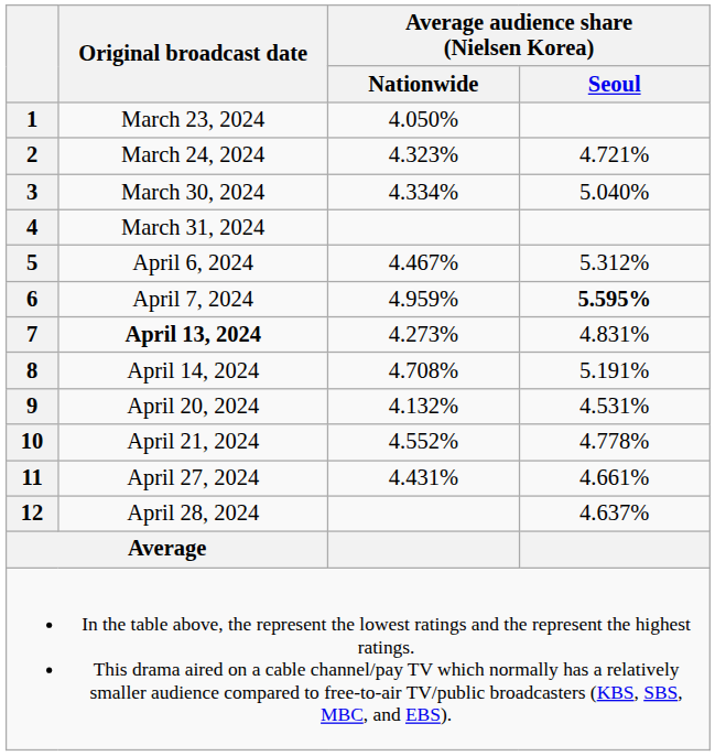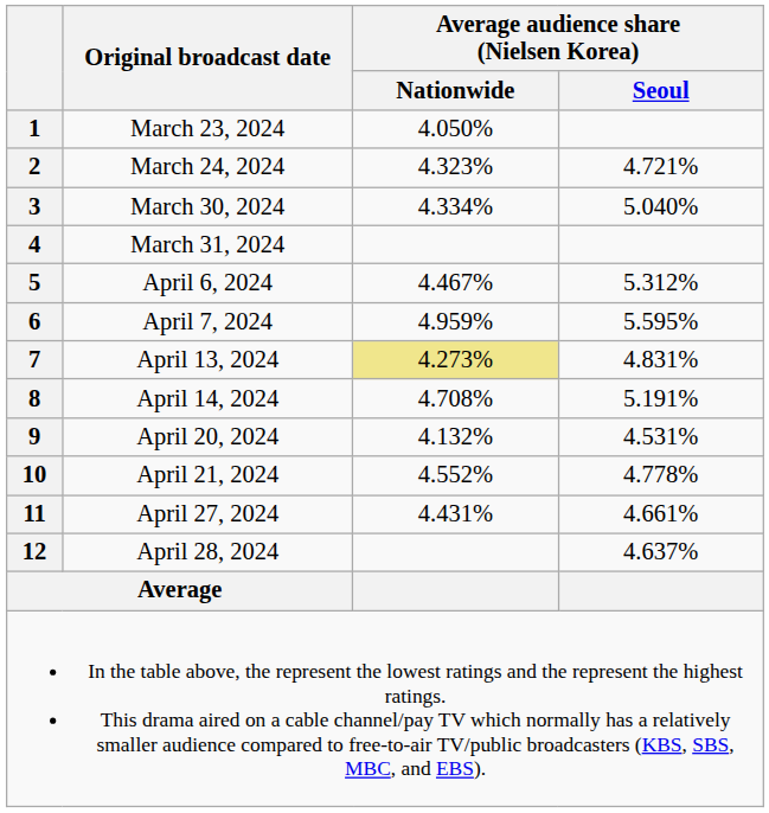 <table class="wikitable" style="margin-left:auto; margin-right:auto; max-width:500px; text-align:center">
 <tr>
 <th scope="col" rowspan="2"></th>
 <th scope="col" rowspan="2">Original broadcast date</th>
 <th scope="col" colspan="2">Average audience share<br>(Nielsen Korea)</th>
 </tr>
 <tr>
 <th scope="col" style="width:8em">Nationwide</th>
 <th scope="col" style="width:8em"><a href='#'>Seoul</a></th>
 </tr>
 <tr>
 <th scope="col">1</th>
 <td>March 23, 2024</td>
 <td>4.050% </td>
 <td><strong></strong> </td>
 </tr>
 <tr>
 <th scope="col">2</th>
 <td>March 24, 2024</td>
 <td>4.323% </td>
 <td>4.721% </td>
 </tr>
 <tr>
 <th scope="col">3</th>
 <td>March 30, 2024</td>
 <td>4.334% </td>
 <td>5.040% </td>
 </tr>
 <tr>
 <th scope="col">4</th>
 <td>March 31, 2024</td>
 <td><strong></strong> </td>
 <td><strong></strong> </td>
 </tr>
 <tr>
 <th scope="col">5</th>
 <td>April 6, 2024</td>
 <td>4.467% </td>
 <td>5.312% </td>
 </tr>
 <tr>
 <th scope="col">6</th>
 <td>April 7, 2024</td>
 <td>4.959% </td>
-<td><strong>5.595% </strong></td>
+<td>5.595% </td>
 </tr>
 <tr>
 <th scope="col">7</th>
-<td><strong>April 13, 2024</strong></td>
-<td>4.273% </td>
+<td>April 13, 2024</td>
+<td style="background: khaki;">4.273% </td>
 <td>4.831% </td>
 </tr>
 <tr>
 <th scope="col">8</th>
 <td>April 14, 2024</td>
 <td>4.708% </td>
 <td>5.191% </td>
 </tr>
 <tr>
 <th scope="col">9</th>
 <td>April 20, 2024</td>
 <td>4.132% </td>
 <td>4.531% </td>
 </tr>
 <tr>
 <th scope="col">10</th>
 <td>April 21, 2024</td>
 <td>4.552% </td>
 <td>4.778% </td>
 </tr>
 <tr>
 <th scope="col">11</th>
 <td>April 27, 2024</td>
 <td>4.431% </td>
 <td>4.661% </td>
 </tr>
 <tr>
 <th scope="col">12</th>
 <td>April 28, 2024</td>
 <td><strong></strong> </td>
 <td>4.637% </td>
 </tr>
 <tr>
 <th scope="col" colspan="2">Average</th>
 <th scope="col"></th>
 <th scope="col"></th>
 </tr>
 <tr>
 <td colspan="4" style="font-size:85%"><br><ul><li>In the table above, the <strong></strong> represent the lowest ratings and the <strong></strong> represent the highest ratings.</li><li>This drama aired on a cable channel/pay TV which normally has a relatively smaller audience compared to free-to-air TV/public broadcasters (<a href='#'>KBS</a>, <a href='#'>SBS</a>, <a href='#'>MBC</a>, and <a href='#'>EBS</a>).</li></ul></td>
 </tr>
 </table>
